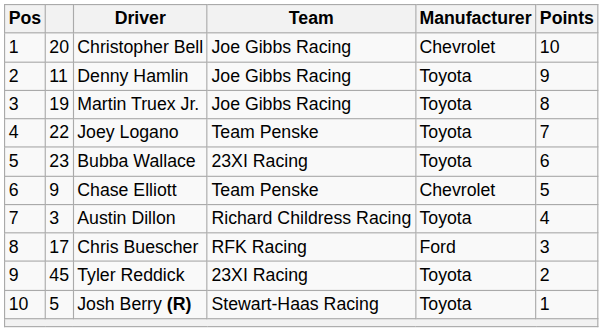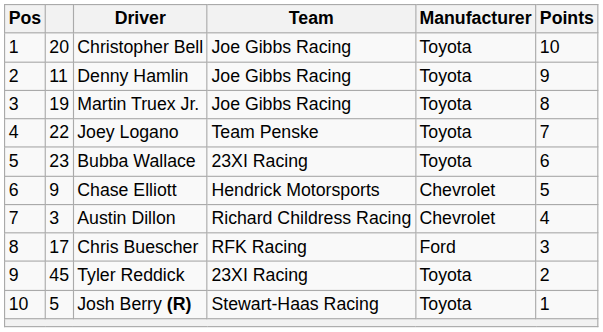 <table class="wikitable" style="font-size:98%">
 <tr>
 <th>Pos</th>
 <th></th>
 <th>Driver</th>
 <th>Team</th>
 <th>Manufacturer</th>
 <th>Points</th>
 </tr>
 <tr>
 <td>1</td>
 <td>20</td>
 <td>Christopher Bell</td>
 <td>Joe Gibbs Racing</td>
-<td>Chevrolet</td>
+<td>Toyota</td>
 <td>10</td>
 </tr>
 <tr>
 <td>2</td>
 <td>11</td>
 <td>Denny Hamlin</td>
 <td>Joe Gibbs Racing</td>
 <td>Toyota</td>
 <td>9</td>
 </tr>
 <tr>
 <td>3</td>
 <td>19</td>
 <td>Martin Truex Jr.</td>
 <td>Joe Gibbs Racing</td>
 <td>Toyota</td>
 <td>8</td>
 </tr>
 <tr>
 <td>4</td>
 <td>22</td>
 <td>Joey Logano</td>
 <td>Team Penske</td>
 <td>Toyota</td>
 <td>7</td>
 </tr>
 <tr>
 <td>5</td>
 <td>23</td>
 <td>Bubba Wallace</td>
 <td>23XI Racing</td>
 <td>Toyota</td>
 <td>6</td>
 </tr>
 <tr>
 <td>6</td>
 <td>9</td>
 <td>Chase Elliott</td>
-<td>Team Penske</td>
+<td>Hendrick Motorsports</td>
 <td>Chevrolet</td>
 <td>5</td>
 </tr>
 <tr>
 <td>7</td>
 <td>3</td>
 <td>Austin Dillon</td>
 <td>Richard Childress Racing</td>
-<td>Toyota</td>
+<td>Chevrolet</td>
 <td>4</td>
 </tr>
 <tr>
 <td>8</td>
 <td>17</td>
 <td>Chris Buescher</td>
 <td>RFK Racing</td>
 <td>Ford</td>
 <td>3</td>
 </tr>
 <tr>
 <td>9</td>
 <td>45</td>
 <td>Tyler Reddick</td>
 <td>23XI Racing</td>
 <td>Toyota</td>
 <td>2</td>
 </tr>
 <tr>
 <td>10</td>
 <td>5</td>
 <td>Josh Berry <strong>(R)</strong></td>
 <td>Stewart-Haas Racing</td>
 <td>Toyota</td>
 <td>1</td>
 </tr>
 <tr>
 <th colspan="6"></th>
 </tr>
 </table>
